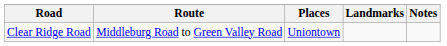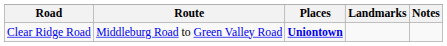 <table class="wikitable">
 <tr style="background-color:#DDDDDD;text-align:center;">
 </tr>
 <tr>
 <th>Road</th>
 <th>Route</th>
 <th>Places</th>
 <th>Landmarks</th>
 <th>Notes</th>
 </tr>
 <tr>
 <td><a href='#'>Clear Ridge Road</a></td>
 <td><a href='#'>Middleburg Road</a> to <a href='#'>Green Valley Road</a></td>
-<td><a href='#'>Uniontown</a></td>
+<td><strong><a href='#'>Uniontown</a></strong></td>
 <td></td>
 <td></td>
 </tr>
 </table>
